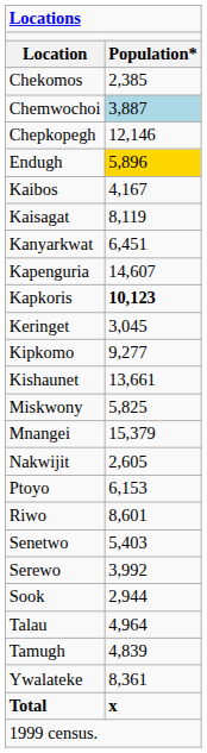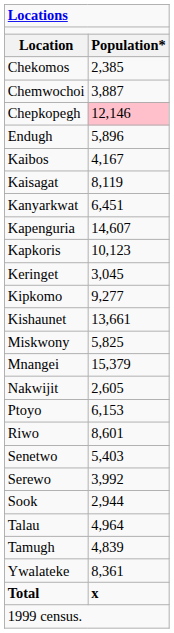 <table class="wikitable">
 <tr>
 <td colspan="2"><strong><a href='#'>Locations</a></strong></td>
 </tr>
 <tr>
 <td colspan="2"></td>
 </tr>
 <tr>
 <th>Location</th>
 <th>Population*</th>
 </tr>
 <tr>
 <td>Chekomos</td>
 <td>2,385</td>
 </tr>
 <tr>
 <td>Chemwochoi</td>
-<td style="background: lightblue;">3,887</td>
+<td>3,887</td>
 </tr>
 <tr>
 <td>Chepkopegh</td>
-<td>12,146</td>
+<td style="background: pink;">12,146</td>
 </tr>
 <tr>
 <td>Endugh</td>
-<td style="background: gold;">5,896</td>
+<td>5,896</td>
 </tr>
 <tr>
 <td>Kaibos</td>
 <td>4,167</td>
 </tr>
 <tr>
 <td>Kaisagat</td>
 <td>8,119</td>
 </tr>
 <tr>
 <td>Kanyarkwat</td>
 <td>6,451</td>
 </tr>
 <tr>
 <td>Kapenguria</td>
 <td>14,607</td>
 </tr>
 <tr>
 <td>Kapkoris</td>
-<td><strong>10,123</strong></td>
+<td>10,123</td>
 </tr>
 <tr>
 <td>Keringet</td>
 <td>3,045</td>
 </tr>
 <tr>
 <td>Kipkomo</td>
 <td>9,277</td>
 </tr>
 <tr>
 <td>Kishaunet</td>
 <td>13,661</td>
 </tr>
 <tr>
 <td>Miskwony</td>
 <td>5,825</td>
 </tr>
 <tr>
 <td>Mnangei</td>
 <td>15,379</td>
 </tr>
 <tr>
 <td>Nakwijit</td>
 <td>2,605</td>
 </tr>
 <tr>
 <td>Ptoyo</td>
 <td>6,153</td>
 </tr>
 <tr>
 <td>Riwo</td>
 <td>8,601</td>
 </tr>
 <tr>
 <td>Senetwo</td>
 <td>5,403</td>
 </tr>
 <tr>
 <td>Serewo</td>
 <td>3,992</td>
 </tr>
 <tr>
 <td>Sook</td>
 <td>2,944</td>
 </tr>
 <tr>
 <td>Talau</td>
 <td>4,964</td>
 </tr>
 <tr>
 <td>Tamugh</td>
 <td>4,839</td>
 </tr>
 <tr>
 <td>Ywalateke</td>
 <td>8,361</td>
 </tr>
 <tr>
 <td><strong>Total</strong></td>
 <td><strong>x</strong></td>
 </tr>
 <tr>
 <td colspan="2">1999 census.</td>
 </tr>
 </table>
